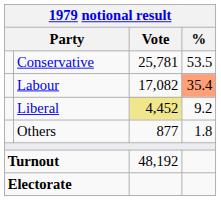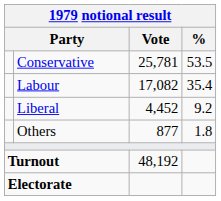 <table class="wikitable">
 <tr>
 <th colspan="4"><a href='#'>1979</a> <a href='#'>notional result</a></th>
 </tr>
 <tr>
 <th bgcolor="#DDDDFF" width="130px" colspan="2">Party</th>
 <th bgcolor="#DDDDFF" width="50px">Vote</th>
 <th bgcolor="#DDDDFF" width="30px">%</th>
 </tr>
 <tr>
 <td></td>
 <td><a href='#'>Conservative</a></td>
 <td align=right>25,781</td>
 <td align=right>53.5</td>
 </tr>
 <tr>
 <td></td>
 <td><a href='#'>Labour</a></td>
 <td align=right>17,082</td>
-<td align=right style="background: lightsalmon;">35.4</td>
+<td align=right>35.4</td>
 </tr>
 <tr>
 <td></td>
 <td><a href='#'>Liberal</a></td>
-<td align=right style="background: khaki;">4,452</td>
+<td align=right>4,452</td>
 <td align=right>9.2</td>
 </tr>
 <tr>
 <td></td>
 <td>Others</td>
 <td align=right>877</td>
 <td align=right>1.8</td>
 </tr>
 <tr>
 <td colspan="4" bgcolor="#EAECF0"></td>
 </tr>
 <tr>
 <td colspan="2"><strong>Turnout</strong></td>
 <td align=right>48,192</td>
 <td align=right></td>
 </tr>
 <tr>
 <td colspan="2"><strong>Electorate</strong></td>
 <td align=right></td>
 </tr>
 </table>
